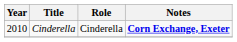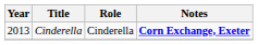 <table class="wikitable sortable">
 <tr>
 <th>Year</th>
 <th>Title</th>
 <th>Role</th>
 <th class="unsortable">Notes</th>
 </tr>
 <tr>
-<td>2010</td>
+<td>2013</td>
 <td><em>Cinderella</em></td>
 <td>Cinderella</td>
 <td><strong><a href='#'>Corn Exchange, Exeter</a></strong></td>
 </tr>
 <tr>
 </tr>
 </table>
